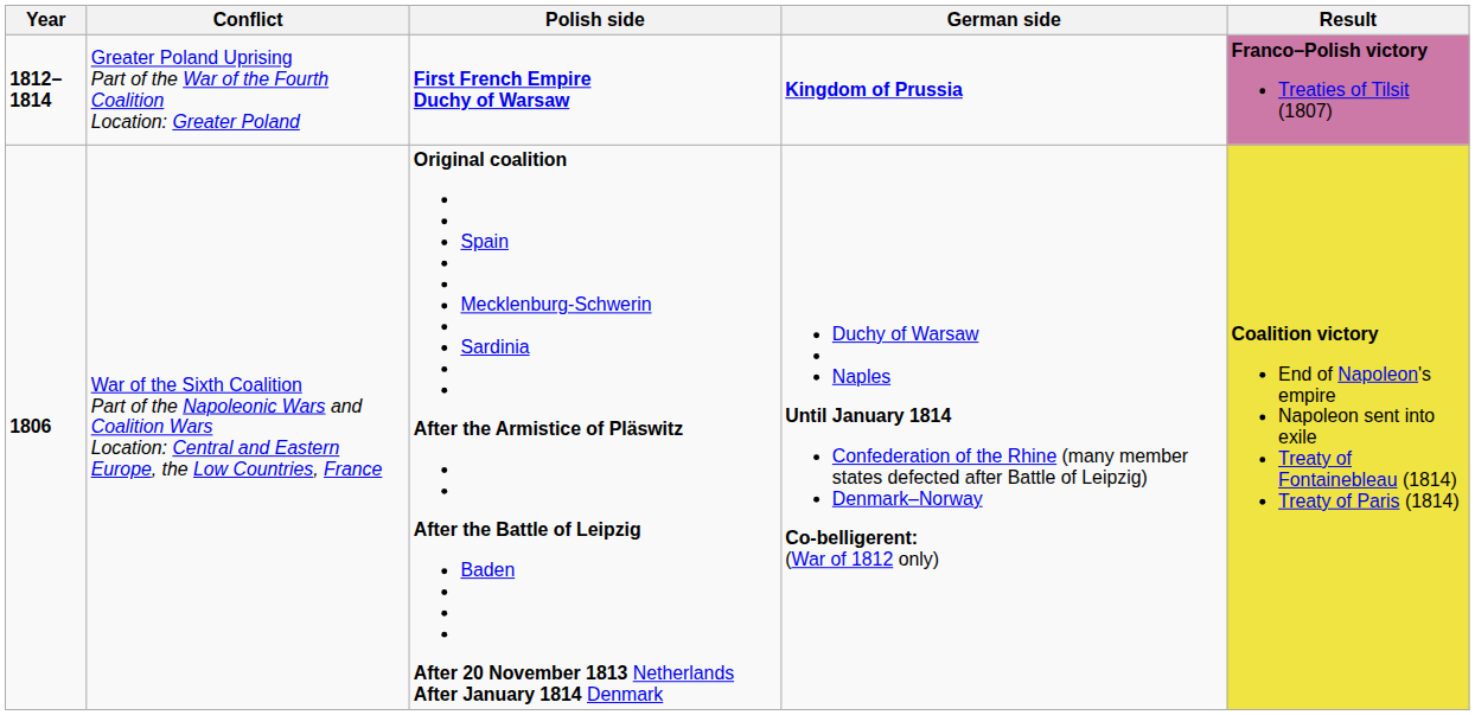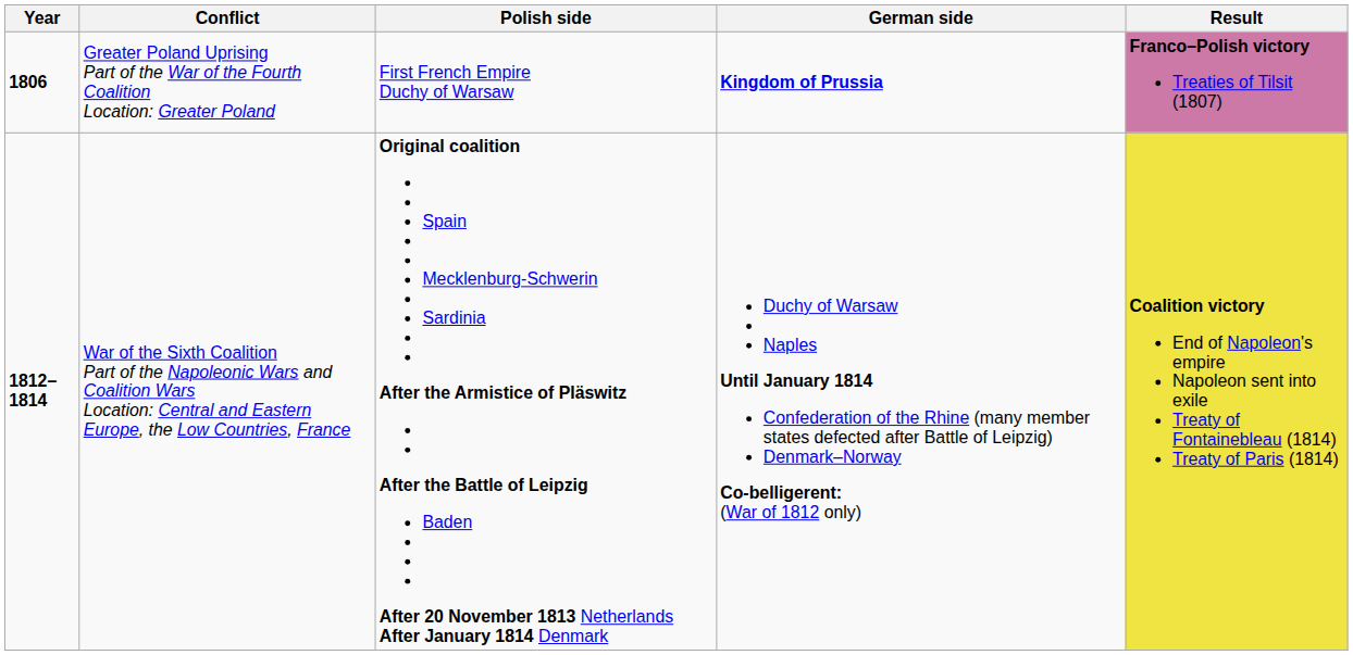 <table class="wikitable">
 <tr>
 <th>Year</th>
 <th>Conflict</th>
 <th>Polish side</th>
 <th>German side</th>
 <th>Result</th>
 </tr>
 <tr>
-<td><strong>1812–1814</strong></td>
+<td><strong>1806</strong></td>
 <td><a href='#'>Greater Poland Uprising</a><br><em>Part of the <a href='#'>War of the Fourth Coalition</a></em><br><em>Location: <a href='#'>Greater Poland</a></em></td>
-<td><strong> <a href='#'>First French Empire</a><br> <a href='#'>Duchy of Warsaw</a></strong></td>
+<td> <a href='#'>First French Empire</a><br> <a href='#'>Duchy of Warsaw</a></td>
 <td><strong> <a href='#'>Kingdom of Prussia</a></strong></td>
 <td style="background:#CC79A7"><strong>Franco–Polish victory</strong><br><ul><li><a href='#'>Treaties of Tilsit</a> (1807)</li></ul></td>
 </tr>
 <tr>
-<td><strong>1806</strong></td>
+<td><strong>1812–1814</strong></td>
 <td><a href='#'>War of the Sixth Coalition</a><br><em>Part of the <a href='#'>Napoleonic Wars</a> and <a href='#'>Coalition Wars</a></em><br><em>Location: <a href='#'>Central and Eastern Europe</a>, the <a href='#'>Low Countries</a>, <a href='#'>France</a></em></td>
 <td><strong>Original coalition</strong><br><ul><li></li><li></li><li> <a href='#'>Spain</a></li><li></li><li></li><li> <a href='#'>Mecklenburg-Schwerin</a></li><li></li><li> <a href='#'>Sardinia</a></li><li></li><li></li></ul> <strong>After the Armistice of Pläswitz</strong> <ul><li></li><li></li></ul> <strong>After the Battle of Leipzig</strong> <ul><li> <a href='#'>Baden</a></li><li></li><li></li><li></li></ul> <strong>After 20 November 1813</strong>   <a href='#'>Netherlands</a>  <strong>After January 1814</strong>   <a href='#'>Denmark</a> </td>
 <td><br><ul><li> <a href='#'>Duchy of Warsaw</a></li><li></li><li> <a href='#'>Naples</a></li></ul><strong>Until January 1814</strong> <ul><li><a href='#'>Confederation of the Rhine</a> (many member states defected after Battle of Leipzig)</li><li> <a href='#'>Denmark–Norway</a></li></ul><strong>Co-belligerent:</strong><br> (<a href='#'>War of 1812</a> only) </td>
 <td bgcolor="#F0E442"><strong>Coalition victory</strong><br><ul><li>End of <a href='#'>Napoleon</a>'s empire</li><li>Napoleon sent into exile</li><li><a href='#'>Treaty of Fontainebleau</a> (1814)</li><li><a href='#'>Treaty of Paris</a> (1814)</li></ul></td>
 </tr>
 </table>
